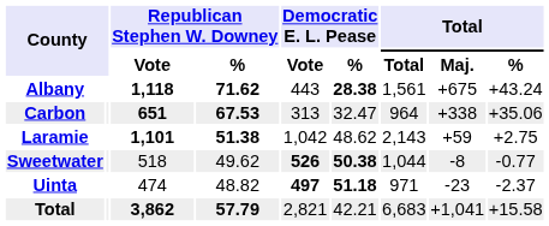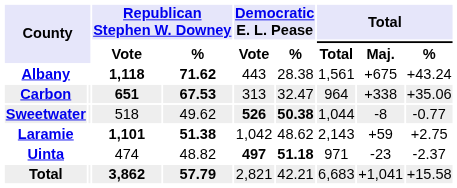 <table class="toccolours sortable" style="text-align:center;">
 <tr style="background:lavender">
 <th rowspan="3" colspan="2">County</th>
 <th colspan=2><a href='#'>Republican</a><br><a href='#'>Stephen W. Downey</a></th>
 <th colspan=2><a href='#'>Democratic</a><br>E. L. Pease</th>
 <th colspan=3>Total</th>
 </tr>
 <tr>
 <th colspan=2 style="background-color:"></th>
 <th colspan=2 style="background-color:"></th>
 <th colspan=3 style="background-color:#000000"></th>
 </tr>
 <tr>
 <th align="center">Vote</th>
 <th align="center">%</th>
 <th align="center">Vote</th>
 <th align="center">%</th>
 <th align="center">Total</th>
 <th align="center">Maj.</th>
 <th align="center">%</th>
 </tr>
 <tr>
 <th><a href='#'>Albany</a></th>
 <td style="background-color:"></td>
 <td><strong>1,118</strong></td>
 <td><strong>71.62</strong></td>
 <td>443</td>
-<td><strong>28.38</strong></td>
+<td>28.38</td>
 <td>1,561</td>
 <td>+675</td>
 <td>+43.24</td>
 </tr>
 <tr style="background:#EEEEEE;">
 <th><a href='#'>Carbon</a></th>
 <td style="background-color:"></td>
 <td><strong>651</strong></td>
 <td><strong>67.53</strong></td>
 <td>313</td>
 <td>32.47</td>
 <td>964</td>
 <td>+338</td>
 <td>+35.06</td>
 </tr>
+<tr style="background:#EEEEEE;">
+<th><a href='#'>Sweetwater</a></th>
+<td style="background-color:"></td>
+<td>518</td>
+<td>49.62</td>
+<td><strong>526	</strong></td>
+<td><strong>50.38</strong></td>
+<td>1,044</td>
+<td>-8</td>
+<td>-0.77</td>
+</tr>
 <tr>
 <th><a href='#'>Laramie</a></th>
 <td style="background-color:"></td>
 <td><strong>1,101</strong></td>
 <td><strong>51.38</strong></td>
 <td>1,042</td>
 <td>48.62</td>
 <td>2,143</td>
 <td>+59</td>
 <td>+2.75</td>
-</tr>
-<tr style="background:#EEEEEE;">
-<th><a href='#'>Sweetwater</a></th>
-<td style="background-color:"></td>
-<td>518</td>
-<td>49.62</td>
-<td><strong>526	</strong></td>
-<td><strong>50.38</strong></td>
-<td>1,044</td>
-<td>-8</td>
-<td>-0.77</td>
 </tr>
 <tr>
 <th><a href='#'>Uinta</a></th>
 <td style="background-color:"></td>
 <td>474</td>
 <td>48.82</td>
 <td><strong>497</strong></td>
 <td><strong>51.18</strong></td>
 <td>971</td>
 <td>-23</td>
 <td>-2.37</td>
 </tr>
 <tr style="background:#EEEEEE;">
 <th>Total</th>
 <td style="background-color:"></td>
 <td><strong>3,862</strong></td>
 <td><strong>57.79</strong></td>
 <td>2,821</td>
 <td>42.21</td>
 <td>6,683</td>
 <td>+1,041</td>
 <td>+15.58</td>
 </tr>
 </table>
